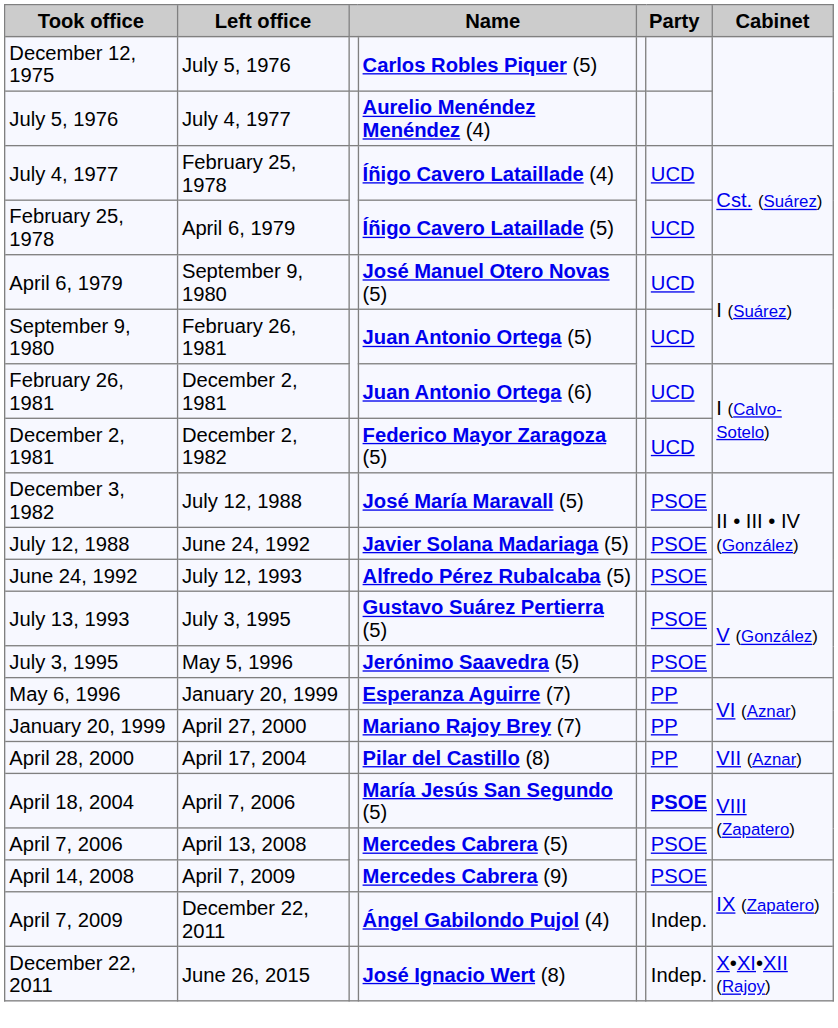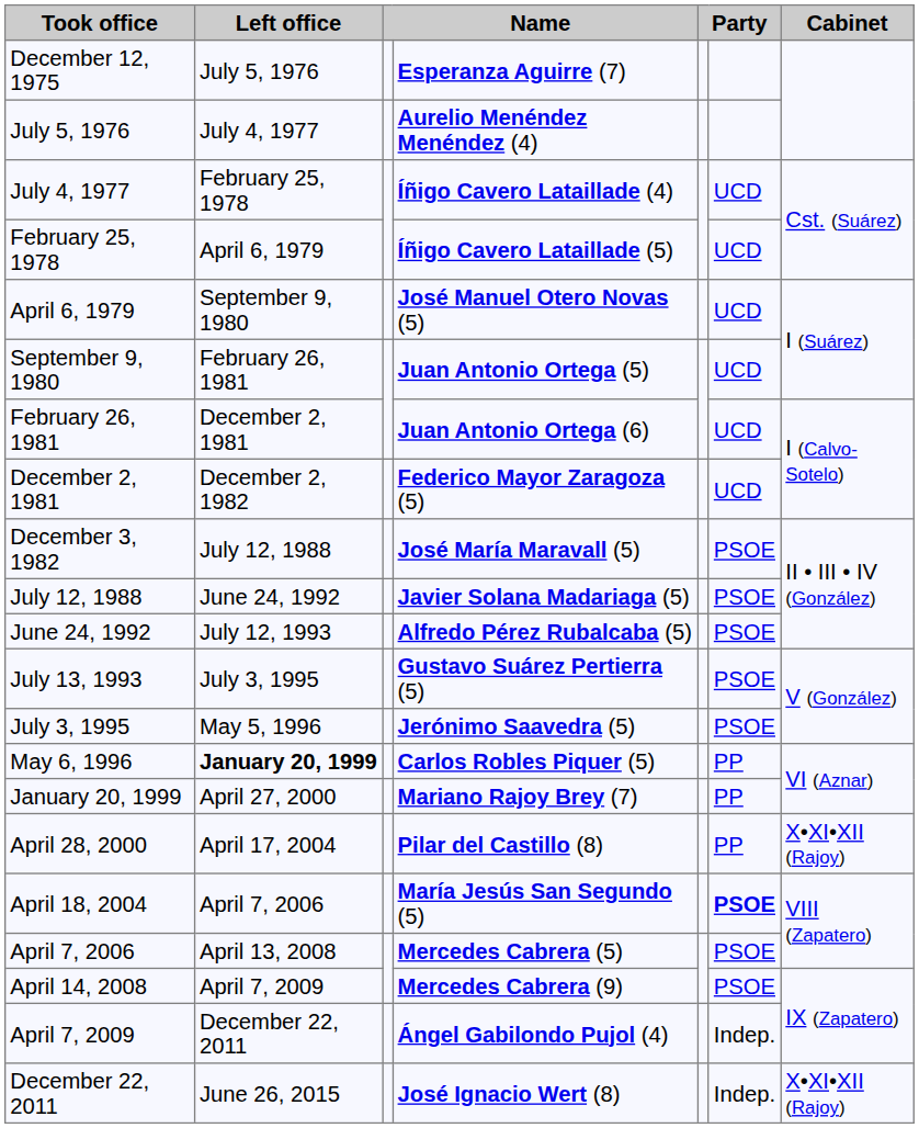 <table bgcolor="#f7f8ff" cellpadding="3" cellspacing="0" border="1" style="font-size: 95%; border: gray solid 1px; border-collapse: collapse;">
 <tr bgcolor="#CCCCCC">
 <th align="center">Took office</th>
 <th align="center">Left office</th>
 <th colspan="2">Name</th>
 <th colspan="2">Party</th>
 <th align="center">Cabinet</th>
 </tr>
 <tr>
 <td>December 12, 1975</td>
 <td>July 5, 1976</td>
 <td></td>
-<td><strong><a href='#'>Carlos Robles Piquer</a></strong>  (5)</td>
+<td><strong><a href='#'>Esperanza Aguirre</a> </strong>  (7)</td>
 <td></td>
 <td></td>
 </tr>
 <tr>
 <td>July 5, 1976</td>
 <td>July 4, 1977</td>
 <td></td>
 <td><strong><a href='#'>Aurelio Menéndez Menéndez</a></strong>  (4)</td>
 <td></td>
 <td></td>
 </tr>
 <tr>
 <td>July 4, 1977</td>
 <td>February 25, 1978</td>
 <td rowspan="2"></td>
 <td><strong><a href='#'>Íñigo Cavero Lataillade</a></strong>  (4)</td>
 <td rowspan="2" style="background-color: "></td>
 <td><a href='#'>UCD</a></td>
 <td rowspan="2"><a href='#'>Cst.</a> <small>(<a href='#'>Suárez</a>)</small></td>
 </tr>
 <tr>
 <td>February 25, 1978</td>
 <td>April 6, 1979</td>
 <td><strong><a href='#'>Íñigo Cavero Lataillade</a></strong>  (5)</td>
 <td><a href='#'>UCD</a></td>
 </tr>
 <tr>
 <td>April 6, 1979</td>
 <td>September 9, 1980</td>
 <td></td>
 <td><strong><a href='#'>José Manuel Otero Novas</a></strong>  (5)</td>
 <td style="background-color: "></td>
 <td><a href='#'>UCD</a></td>
 <td rowspan="2">I <small>(<a href='#'>Suárez</a>)</small></td>
 </tr>
 <tr>
 <td>September 9, 1980</td>
 <td>February 26, 1981</td>
 <td rowspan="2"></td>
 <td><strong><a href='#'>Juan Antonio Ortega</a></strong>  (5)</td>
 <td rowspan="2" style="background-color: "></td>
 <td><a href='#'>UCD</a></td>
 </tr>
 <tr>
 <td>February 26, 1981</td>
 <td>December 2, 1981</td>
 <td><strong><a href='#'>Juan Antonio Ortega</a></strong>  (6)</td>
 <td><a href='#'>UCD</a></td>
 <td rowspan="2">I <small>(<a href='#'>Calvo-Sotelo</a>)</small></td>
 </tr>
 <tr>
 <td>December 2, 1981</td>
 <td>December 2, 1982</td>
 <td></td>
 <td><strong><a href='#'>Federico Mayor Zaragoza</a></strong>  (5)</td>
 <td style="background-color: "></td>
 <td><a href='#'>UCD</a></td>
 </tr>
 <tr>
 <td>December 3, 1982</td>
 <td>July 12, 1988</td>
 <td></td>
 <td><strong><a href='#'>José María Maravall</a></strong> (5)</td>
 <td style="background-color: "></td>
 <td><a href='#'>PSOE</a></td>
 <td rowspan="3">II • III • IV<br><small>(<a href='#'>González</a>)</small></td>
 </tr>
 <tr>
 <td>July 12, 1988</td>
 <td>June 24, 1992</td>
 <td></td>
 <td><strong><a href='#'>Javier Solana Madariaga</a></strong>  (5)</td>
 <td style="background-color: "></td>
 <td><a href='#'>PSOE</a></td>
 </tr>
 <tr>
 <td>June 24, 1992</td>
 <td>July 12, 1993</td>
 <td></td>
 <td><strong><a href='#'>Alfredo Pérez Rubalcaba</a></strong>  (5)</td>
 <td style="background-color: "></td>
 <td><a href='#'>PSOE</a></td>
 </tr>
 <tr>
 <td>July 13, 1993</td>
 <td>July 3, 1995</td>
 <td></td>
 <td><strong><a href='#'>Gustavo Suárez Pertierra</a></strong>  (5)</td>
 <td style="background-color: "></td>
 <td><a href='#'>PSOE</a></td>
 <td rowspan="2"><a href='#'>V</a> <small>(<a href='#'>González</a>)</small></td>
 </tr>
 <tr>
 <td>July 3, 1995</td>
 <td>May 5, 1996</td>
 <td></td>
 <td><strong><a href='#'>Jerónimo Saavedra</a></strong>  (5)</td>
 <td style="background-color: "></td>
 <td><a href='#'>PSOE</a></td>
 </tr>
 <tr>
 <td>May 6, 1996</td>
-<td>January 20, 1999</td>
+<td><strong>January 20, 1999</strong></td>
 <td></td>
-<td><strong><a href='#'>Esperanza Aguirre</a> </strong>  (7)</td>
+<td><strong><a href='#'>Carlos Robles Piquer</a></strong>  (5)</td>
 <td style="background-color: "></td>
 <td><a href='#'>PP</a></td>
 <td rowspan="2"><a href='#'>VI</a> <small>(<a href='#'>Aznar</a>)</small></td>
 </tr>
 <tr>
 <td>January 20, 1999</td>
 <td>April 27, 2000</td>
 <td></td>
 <td><strong><a href='#'>Mariano Rajoy Brey</a> </strong>  (7)</td>
 <td style="background-color: "></td>
 <td><a href='#'>PP</a></td>
 </tr>
 <tr>
 <td>April 28, 2000</td>
 <td>April 17, 2004</td>
 <td></td>
 <td><strong><a href='#'>Pilar del Castillo</a> </strong>  (8)</td>
 <td style="background-color: "></td>
 <td><a href='#'>PP</a></td>
-<td><a href='#'>VII</a> <small>(<a href='#'>Aznar</a>)</small></td>
+<td><a href='#'>X</a>•<a href='#'>XI</a>•<a href='#'>XII</a><br><small>(<a href='#'>Rajoy</a>)</small></td>
 </tr>
 <tr>
 <td>April 18, 2004</td>
 <td>April 7, 2006</td>
 <td></td>
 <td><strong><a href='#'>María Jesús San Segundo</a></strong>  (5)</td>
 <td style="background-color: "></td>
 <td><strong><a href='#'>PSOE</a></strong></td>
 <td rowspan="2"><a href='#'>VIII</a> <small>(<a href='#'>Zapatero</a>)</small></td>
 </tr>
 <tr>
 <td>April 7, 2006</td>
 <td>April 13, 2008</td>
 <td rowspan="2"></td>
 <td><strong><a href='#'>Mercedes Cabrera</a></strong>  (5)</td>
 <td rowspan="2" style="background-color: "></td>
 <td><a href='#'>PSOE</a></td>
 </tr>
 <tr>
 <td>April 14, 2008</td>
 <td>April 7, 2009</td>
 <td><strong><a href='#'>Mercedes Cabrera</a></strong>  (9)</td>
 <td><a href='#'>PSOE</a></td>
 <td rowspan="2"><a href='#'>IX</a> <small>(<a href='#'>Zapatero</a>)</small></td>
 </tr>
 <tr>
 <td>April 7, 2009</td>
 <td>December 22, 2011</td>
 <td></td>
 <td><strong><a href='#'>Ángel Gabilondo Pujol</a></strong>  (4)</td>
 <td style="background-color: "></td>
 <td>Indep.</td>
 </tr>
 <tr>
 <td>December 22, 2011</td>
 <td>June 26, 2015</td>
 <td></td>
 <td><strong><a href='#'>José Ignacio Wert</a></strong>  (8)</td>
 <td style="background-color: "></td>
 <td>Indep.</td>
 <td><a href='#'>X</a>•<a href='#'>XI</a>•<a href='#'>XII</a><br><small>(<a href='#'>Rajoy</a>)</small></td>
 </tr>
 </table>
